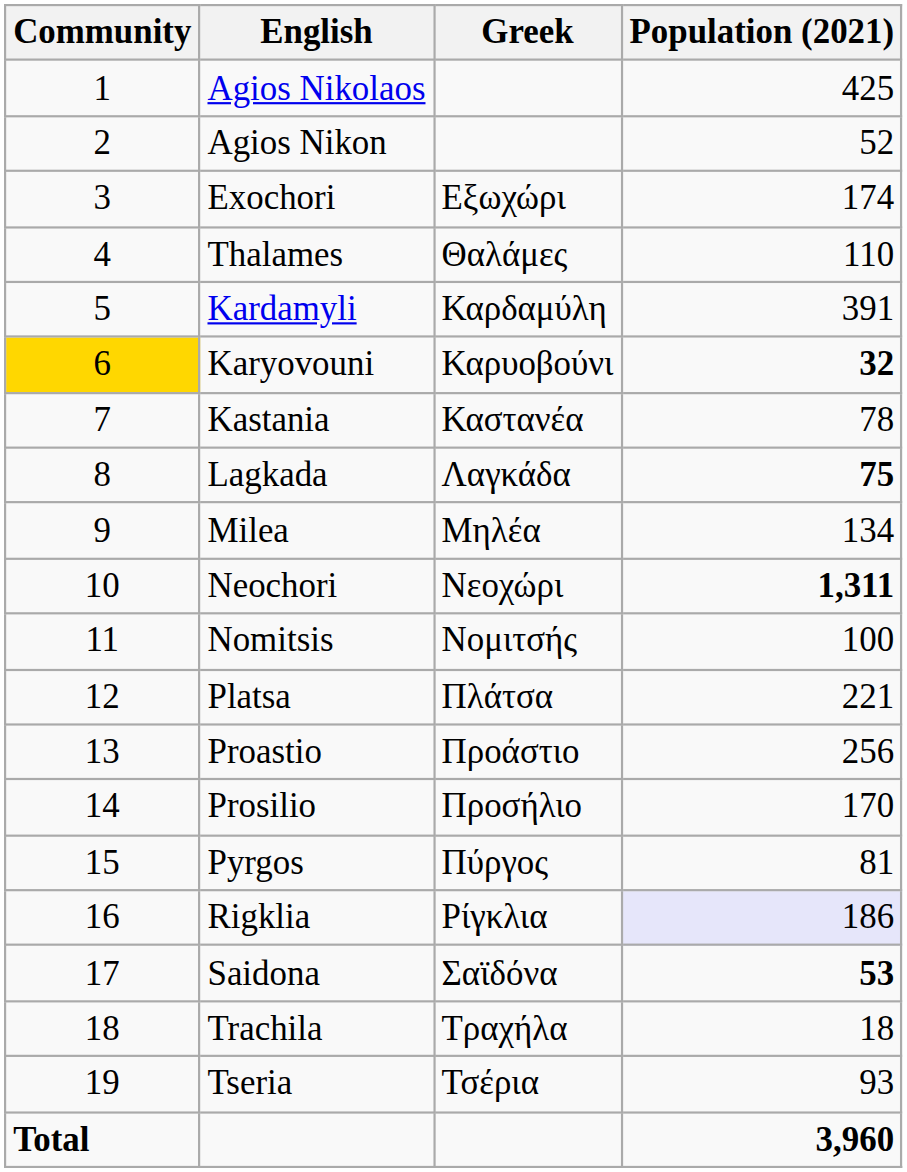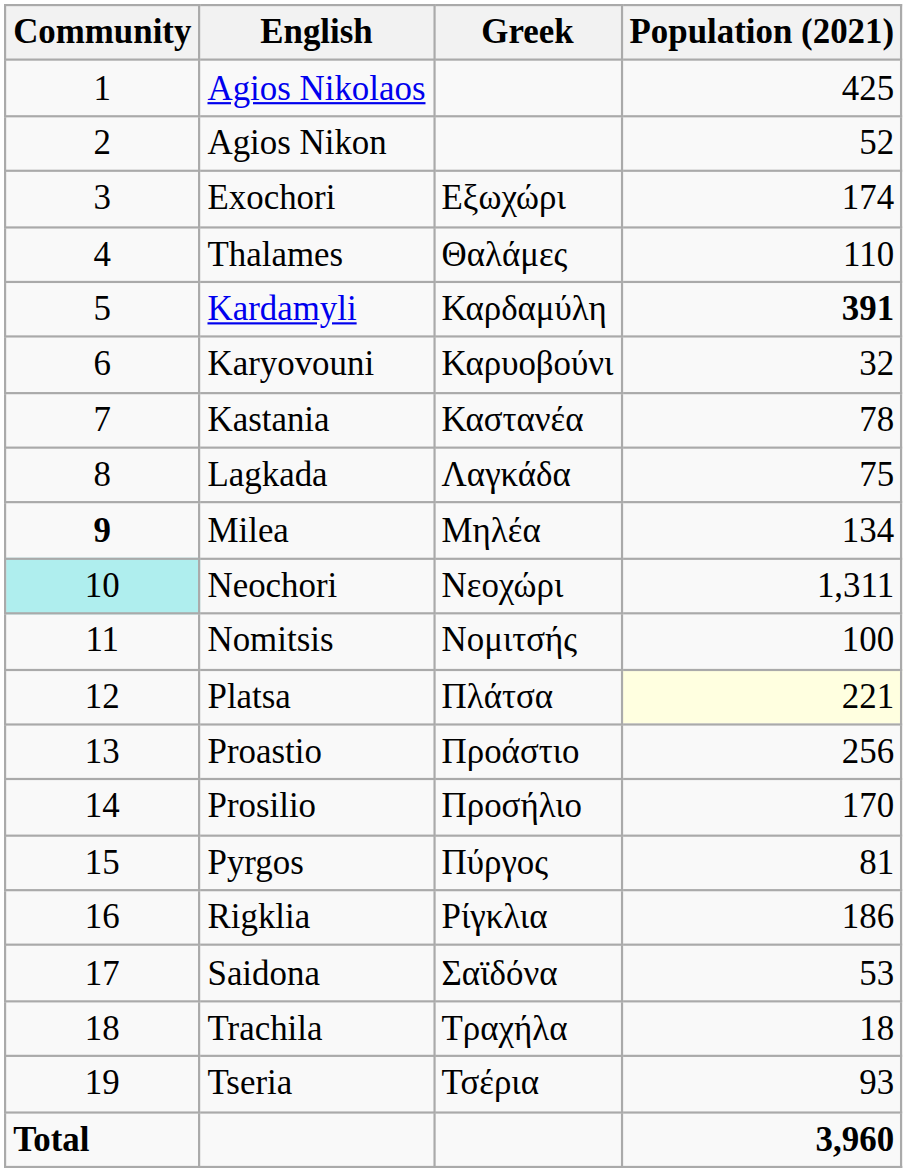 <table Class="wikitable sortable">
 <tr>
 <th>Community</th>
 <th>English</th>
 <th>Greek</th>
 <th>Population (2021)</th>
 </tr>
 <tr>
 <td style="text-align:center">1</td>
 <td><a href='#'>Agios Nikolaos</a></td>
 <td></td>
 <td style="text-align:right">425</td>
 </tr>
 <tr>
 <td style="text-align:center">2</td>
 <td>Agios Nikon</td>
 <td></td>
 <td style="text-align:right">52</td>
 </tr>
 <tr>
 <td style="text-align:center">3</td>
 <td>Exochori</td>
 <td>Εξωχώρι</td>
 <td style="text-align:right">174</td>
 </tr>
 <tr>
 <td style="text-align:center">4</td>
 <td>Thalames</td>
 <td>Θαλάμες</td>
 <td style="text-align:right">110</td>
 </tr>
 <tr>
 <td style="text-align:center">5</td>
 <td><a href='#'>Kardamyli</a></td>
 <td>Καρδαμύλη</td>
-<td style="text-align:right">391</td>
+<td style="text-align:right"><strong>391</strong></td>
 </tr>
 <tr>
-<td style="background: gold; text-align:center">6</td>
+<td style="text-align:center">6</td>
 <td>Karyovouni</td>
 <td>Καρυοβούνι</td>
-<td style="text-align:right"><strong>32</strong></td>
+<td style="text-align:right">32</td>
 </tr>
 <tr>
 <td style="text-align:center">7</td>
 <td>Kastania</td>
 <td>Καστανέα</td>
 <td style="text-align:right">78</td>
 </tr>
 <tr>
 <td style="text-align:center">8</td>
 <td>Lagkada</td>
 <td>Λαγκάδα</td>
-<td style="text-align:right"><strong>75</strong></td>
+<td style="text-align:right">75</td>
 </tr>
 <tr>
-<td style="text-align:center">9</td>
+<td style="text-align:center"><strong>9</strong></td>
 <td>Milea</td>
 <td>Μηλέα</td>
 <td style="text-align:right">134</td>
 </tr>
 <tr>
-<td style="text-align:center">10</td>
+<td style="background: paleturquoise; text-align:center">10</td>
 <td>Neochori</td>
 <td>Νεοχώρι</td>
-<td style="text-align:right"><strong>1,311</strong></td>
+<td style="text-align:right">1,311</td>
 </tr>
 <tr>
 <td style="text-align:center">11</td>
 <td>Nomitsis</td>
 <td>Νομιτσής</td>
 <td style="text-align:right">100</td>
 </tr>
 <tr>
 <td style="text-align:center">12</td>
 <td>Platsa</td>
 <td>Πλάτσα</td>
-<td style="text-align:right">221</td>
+<td style="background: lightyellow; text-align:right">221</td>
 </tr>
 <tr>
 <td style="text-align:center">13</td>
 <td>Proastio</td>
 <td>Προάστιο</td>
 <td style="text-align:right">256</td>
 </tr>
 <tr>
 <td style="text-align:center">14</td>
 <td>Prosilio</td>
 <td>Προσήλιο</td>
 <td style="text-align:right">170</td>
 </tr>
 <tr>
 <td style="text-align:center">15</td>
 <td>Pyrgos</td>
 <td>Πύργος</td>
 <td style="text-align:right">81</td>
 </tr>
 <tr>
 <td style="text-align:center">16</td>
 <td>Rigklia</td>
 <td>Ρίγκλια</td>
-<td style="background: lavender; text-align:right">186</td>
+<td style="text-align:right">186</td>
 </tr>
 <tr>
 <td style="text-align:center">17</td>
 <td>Saidona</td>
 <td>Σαϊδόνα</td>
-<td style="text-align:right"><strong>53</strong></td>
+<td style="text-align:right">53</td>
 </tr>
 <tr>
 <td style="text-align:center">18</td>
 <td>Trachila</td>
 <td>Τραχήλα</td>
 <td style="text-align:right">18</td>
 </tr>
 <tr>
 <td style="text-align:center">19</td>
 <td>Tseria</td>
 <td>Τσέρια</td>
 <td style="text-align:right">93</td>
 </tr>
 <tr class="sortbottom">
 <td><strong>Total</strong></td>
 <td></td>
 <td></td>
 <td style="text-align:right"><strong>3,960</strong></td>
 </tr>
 <tr>
 </tr>
 </table>
